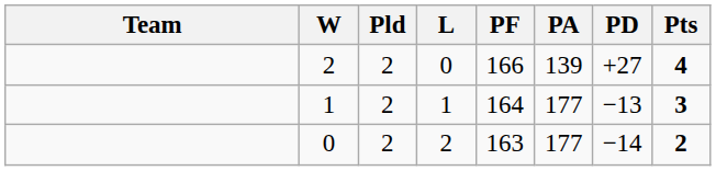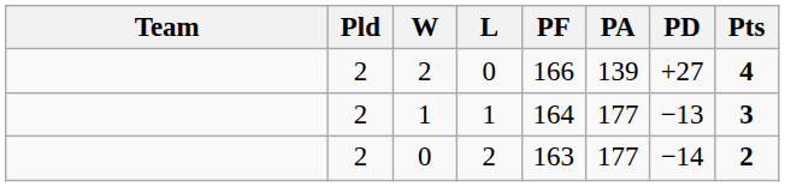 <table class=wikitable style="text-align:center">
 <tr>
 <th width=180>Team</th>
+<th width=30>Pld</th>
 <th width=30>W</th>
-<th width=30>Pld</th>
 <th width=30>L</th>
 <th width=30>PF</th>
 <th width=30>PA</th>
 <th width=30>PD</th>
 <th width=30>Pts</th>
 </tr>
 <tr>
 <td align="left"></td>
 <td>2</td>
 <td>2</td>
 <td>0</td>
 <td>166</td>
 <td>139</td>
 <td>+27</td>
 <td><strong>4</strong></td>
 </tr>
 <tr>
 <td align="left"></td>
+<td>2</td>
 <td>1</td>
-<td>2</td>
 <td>1</td>
 <td>164</td>
 <td>177</td>
 <td>−13</td>
 <td><strong>3</strong></td>
 </tr>
 <tr>
 <td align="left"></td>
+<td>2</td>
 <td>0</td>
-<td>2</td>
 <td>2</td>
 <td>163</td>
 <td>177</td>
 <td>−14</td>
 <td><strong>2</strong></td>
 </tr>
 </table>
